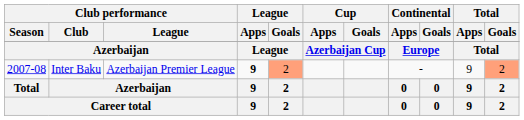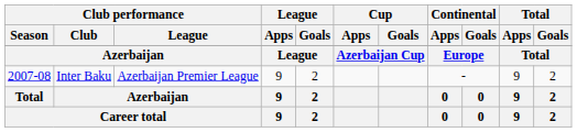 <table class="wikitable" style="text-align:center">
 <tr>
 <th colspan=3>Club performance</th>
 <th colspan=2>League</th>
 <th colspan=2>Cup</th>
 <th colspan=2>Continental</th>
 <th colspan=2>Total</th>
 </tr>
 <tr>
 <th>Season</th>
 <th>Club</th>
 <th>League</th>
 <th>Apps</th>
 <th>Goals</th>
 <th>Apps</th>
 <th>Goals</th>
 <th>Apps</th>
 <th>Goals</th>
 <th>Apps</th>
 <th>Goals</th>
 </tr>
 <tr>
 </tr>
 <tr>
 <th colspan=3>Azerbaijan</th>
 <th colspan=2>League</th>
 <th colspan=2><a href='#'>Azerbaijan Cup</a></th>
 <th colspan=2><a href='#'>Europe</a></th>
 <th colspan=2>Total</th>
 </tr>
 <tr>
 <td><a href='#'>2007-08</a></td>
 <td rowspan="1"><a href='#'>Inter Baku</a></td>
 <td rowspan="1"><a href='#'>Azerbaijan Premier League</a></td>
-<td><strong>9</strong></td>
-<td style="background: lightsalmon;">2</td>
+<td>9</td>
+<td>2</td>
 <td></td>
 <td></td>
 <td colspan="2">-</td>
 <td>9</td>
-<td style="background: lightsalmon;">2</td>
+<td>2</td>
 </tr>
 <tr>
 <th rowspan=1>Total</th>
 <th colspan=2>Azerbaijan</th>
 <th>9</th>
 <th>2</th>
 <th></th>
 <th></th>
 <th>0</th>
 <th>0</th>
 <th>9</th>
 <th>2</th>
 </tr>
 <tr>
 <th colspan=3>Career total</th>
 <th>9</th>
 <th>2</th>
 <th></th>
 <th></th>
 <th>0</th>
 <th>0</th>
 <th>9</th>
 <th>2</th>
 </tr>
 </table>
